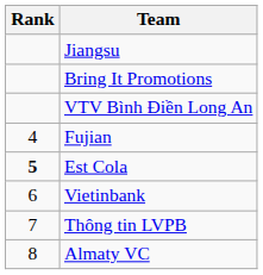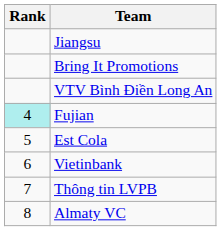 <table class="wikitable" style="text-align: center;">
 <tr>
 <th width=40>Rank</th>
 <th>Team</th>
 </tr>
 <tr>
 <td></td>
 <td align=left> <a href='#'>Jiangsu</a></td>
 </tr>
 <tr>
 <td></td>
 <td align=left> <a href='#'>Bring It Promotions</a></td>
 </tr>
 <tr>
 <td></td>
 <td align=left> <a href='#'>VTV Bình Điền Long An</a></td>
 </tr>
 <tr>
-<td>4</td>
+<td style="background: paleturquoise;">4</td>
 <td align=left> <a href='#'>Fujian</a></td>
 </tr>
 <tr>
-<td><strong>5</strong></td>
+<td>5</td>
 <td align=left> <a href='#'>Est Cola</a></td>
 </tr>
 <tr>
 <td>6</td>
 <td align=left> <a href='#'>Vietinbank</a></td>
 </tr>
 <tr>
 <td>7</td>
 <td align=left> <a href='#'>Thông tin LVPB</a></td>
 </tr>
 <tr>
 <td>8</td>
 <td align=left> <a href='#'>Almaty VC</a></td>
 </tr>
 </table>
